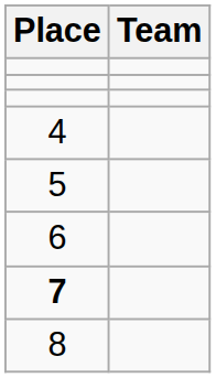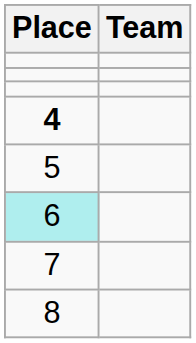 <table class="wikitable">
 <tr>
 <th>Place</th>
 <th>Team</th>
 </tr>
 <tr>
 <td align=center></td>
 <td></td>
 </tr>
 <tr>
 <td align=center></td>
 <td></td>
 </tr>
 <tr>
 <td align=center></td>
 <td></td>
 </tr>
 <tr>
-<td align=center>4</td>
+<td align=center><strong>4</strong></td>
 <td></td>
 </tr>
 <tr>
 <td align=center>5</td>
 <td></td>
 </tr>
 <tr>
-<td align=center>6</td>
+<td align=center style="background: paleturquoise;">6</td>
 <td></td>
 </tr>
 <tr>
-<td align=center><strong>7</strong></td>
+<td align=center>7</td>
 <td></td>
 </tr>
 <tr>
 <td align=center>8</td>
 <td></td>
 </tr>
 </table>
